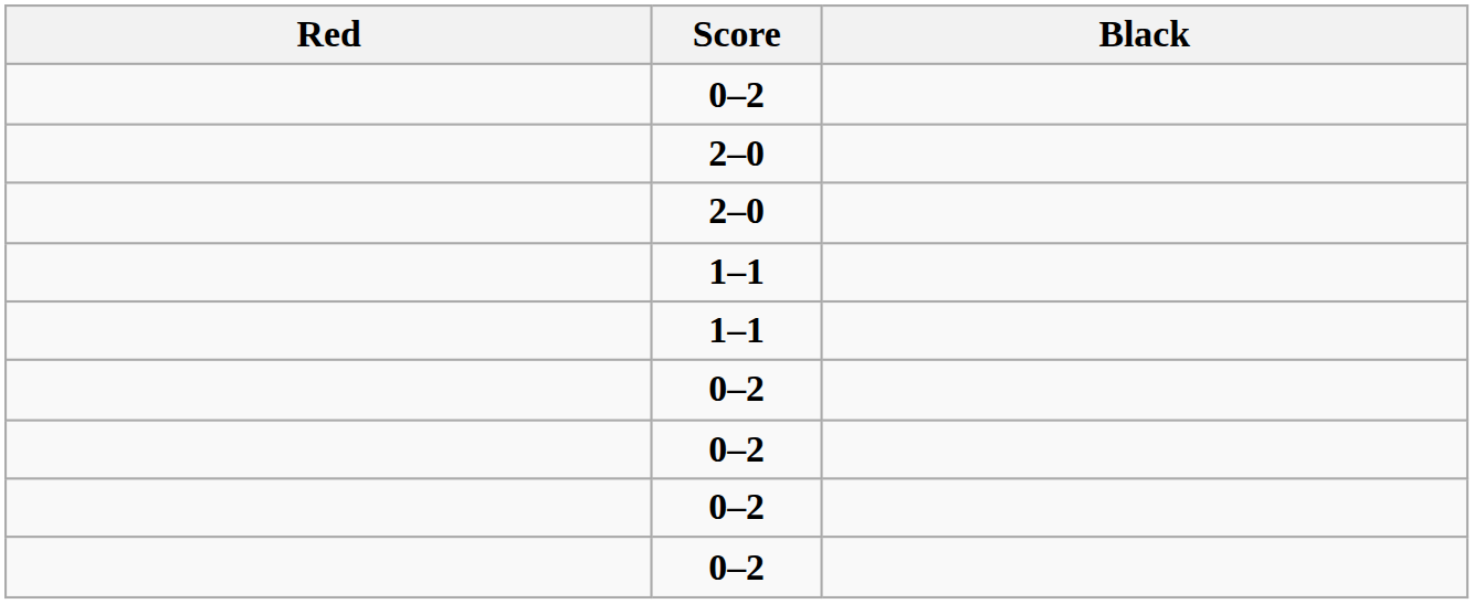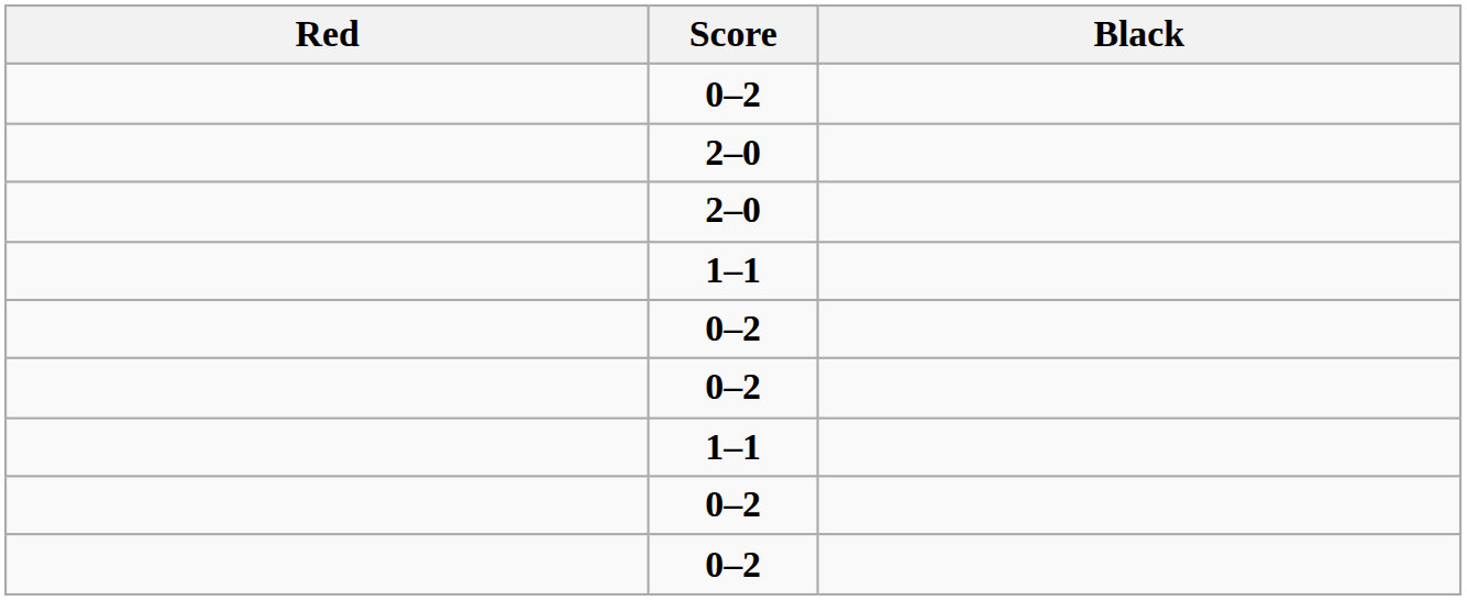 <table class="wikitable" style="text-align: center;">
 <tr>
 <th align="right" width="270">Red</th>
 <th width="65">Score</th>
 <th align="left" width="270">Black</th>
 </tr>
 <tr>
 <td align=left><strong></strong></td>
 <td align=center><strong>0–2</strong></td>
 <td align=left></td>
 </tr>
 <tr>
 <td align=left></td>
 <td align=center><strong>2–0</strong></td>
 <td align=left><strong></strong></td>
 </tr>
 <tr>
 <td align=left><strong></strong></td>
 <td align=center><strong>2–0</strong></td>
 <td align=left></td>
 </tr>
 <tr>
 <td align=left></td>
 <td align=center><strong>1–1</strong></td>
 <td align=left></td>
 </tr>
 <tr>
 <td align=left></td>
-<td align=center><strong>1–1</strong></td>
+<td align=center><strong>0–2</strong></td>
 <td align=left><strong></strong></td>
 </tr>
 <tr>
 <td align=left></td>
 <td align=center><strong>0–2</strong></td>
 <td align=left><strong></strong></td>
 </tr>
 <tr>
 <td align=left></td>
-<td align=center><strong>0–2</strong></td>
+<td align=center><strong>1–1</strong></td>
 <td align=left></td>
 </tr>
 <tr>
 <td align=left></td>
 <td align=center><strong>0–2</strong></td>
 <td align=left><strong></strong></td>
 </tr>
 <tr>
 <td align=left></td>
 <td align=center><strong>0–2</strong></td>
 <td align=left><strong></strong></td>
 </tr>
 </table>
